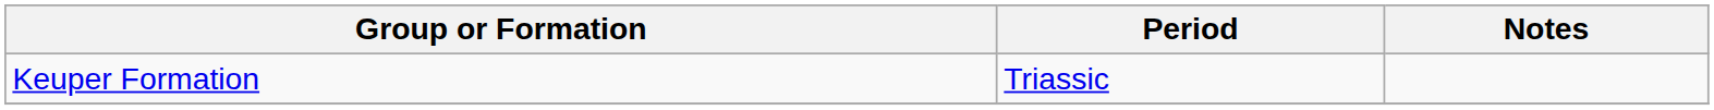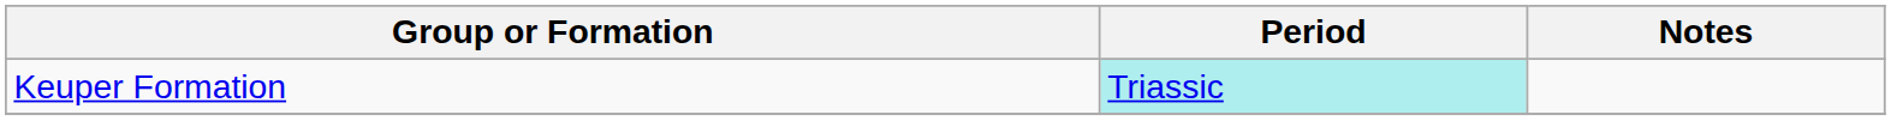 <table class="wikitable sortable" style="width: 100%;">
 <tr>
 <th>Group or Formation</th>
 <th>Period</th>
 <th class="unsortable">Notes</th>
 </tr>
 <tr>
 <td><a href='#'>Keuper Formation</a></td>
-<td><a href='#'>Triassic</a></td>
+<td style="background: paleturquoise;"><a href='#'>Triassic</a></td>
 <td></td>
 </tr>
 <tr>
 </tr>
 </table>
